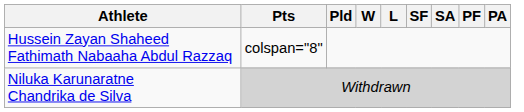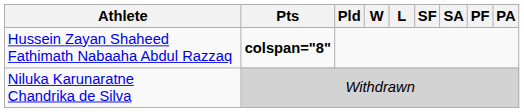 <table class=wikitable style="text-align:center">
 <tr>
 <th width="250">Athlete</th>
 <th width="20">Pts</th>
 <th width="20">Pld</th>
 <th width="20">W</th>
 <th width="20">L</th>
 <th width="20">SF</th>
 <th width="20">SA</th>
 <th width="20">PF</th>
 <th width="20">PA</th>
 </tr>
 <tr>
 <td style="text-align:left"> <a href='#'>Hussein Zayan Shaheed</a> <br>  <a href='#'>Fathimath Nabaaha Abdul Razzaq</a></td>
-<td>colspan="8" </td>
+<td><strong>colspan="8" </strong></td>
 </tr>
 <tr>
 <td style="text-align:left"> <a href='#'>Niluka Karunaratne</a> <br>  <a href='#'>Chandrika de Silva</a></td>
 <td colspan="8" bgcolor="lightgray"><em>Withdrawn</em></td>
 </tr>
 </table>
